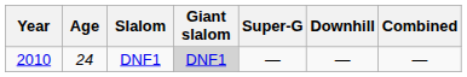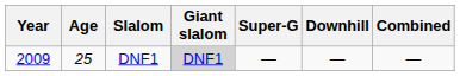 <table class=wikitable style="text-align:center">
 <tr>
 <th>  Year  </th>
 <th> Age </th>
 <th> Slalom </th>
 <th> Giant <br> slalom </th>
 <th>Super-G</th>
 <th>Downhill</th>
 <th>Combined</th>
 </tr>
 <tr>
-<td><a href='#'>2010</a></td>
-<td><em>24</em></td>
+<td><a href='#'>2009</a></td>
+<td><em>25</em></td>
 <td><a href='#'>DNF1</a></td>
 <td style="background: lightgrey;"><a href='#'>DNF1</a></td>
 <td>—</td>
 <td>—</td>
 <td>—</td>
 </tr>
 </table>
